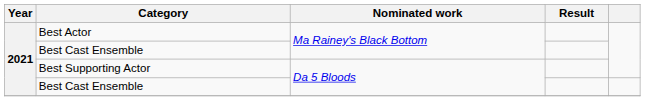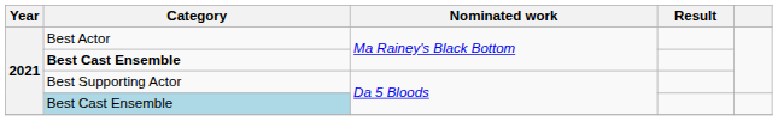 <table class="wikitable plainrowheaders" style="width:100%;">
 <tr>
 <th scope="col" style="width:5%;">Year</th>
 <th scope="col" style="width:40%;">Category</th>
 <th scope="col" style="width:40%;">Nominated work</th>
 <th scope="col" style="width:10%;">Result</th>
 <th scope="col" style="width:5%;"></th>
 </tr>
 <tr>
 <th scope="row" style="text-align:center;" rowspan="4">2021</th>
 <td>Best Actor</td>
 <td rowspan="2"><em><a href='#'>Ma Rainey's Black Bottom</a></em></td>
 <td></td>
 <td style="text-align:center;" rowspan="3"></td>
 </tr>
 <tr>
-<td>Best Cast Ensemble</td>
+<td><strong>Best Cast Ensemble</strong></td>
 <td></td>
 </tr>
 <tr>
 <td>Best Supporting Actor</td>
 <td rowspan="2"><em><a href='#'>Da 5 Bloods</a></em></td>
 <td></td>
 </tr>
 <tr>
-<td>Best Cast Ensemble</td>
+<td style="background: lightblue;">Best Cast Ensemble</td>
 <td></td>
 <td style="text-align:center;"></td>
 </tr>
 <tr>
 </tr>
 </table>
